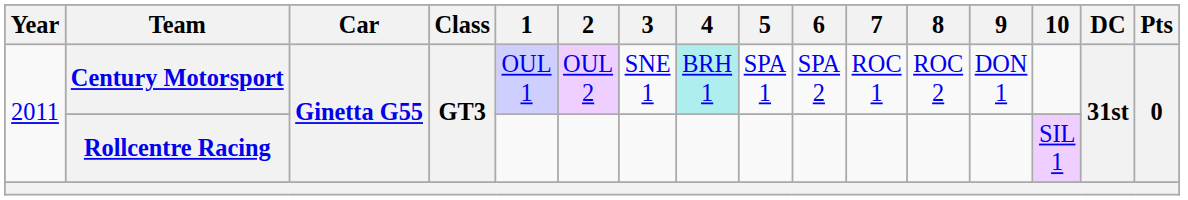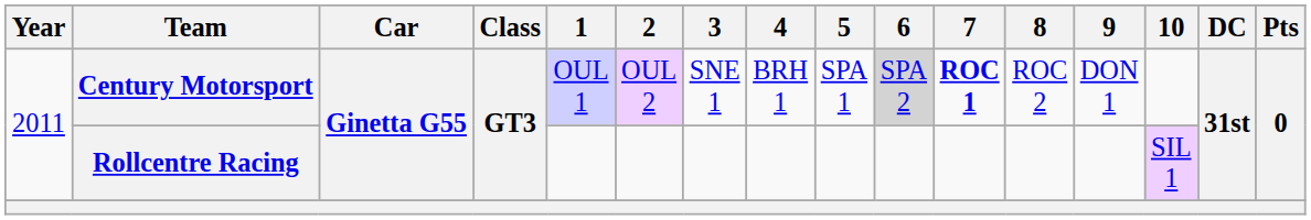 <table class="wikitable" style="text-align:center; font-size:85%">
 <tr>
 <th>Year</th>
 <th>Team</th>
 <th>Car</th>
 <th>Class</th>
 <th>1</th>
 <th>2</th>
 <th>3</th>
 <th>4</th>
 <th>5</th>
 <th>6</th>
 <th>7</th>
 <th>8</th>
 <th>9</th>
 <th>10</th>
 <th>DC</th>
 <th>Pts</th>
 </tr>
 <tr>
 <td rowspan=2><a href='#'>2011</a></td>
 <th nowrap><a href='#'>Century Motorsport</a></th>
 <th rowspan=2 nowrap><a href='#'>Ginetta G55</a></th>
 <th rowspan=2>GT3</th>
 <td style="background:#CFCFFF;"><a href='#'>OUL<br>1</a><br></td>
 <td style="background:#EFCFFF;"><a href='#'>OUL<br>2</a><br></td>
 <td><a href='#'>SNE<br>1</a></td>
-<td style="background: paleturquoise;"><a href='#'>BRH<br>1</a></td>
+<td><a href='#'>BRH<br>1</a></td>
 <td><a href='#'>SPA<br>1</a></td>
-<td><a href='#'>SPA<br>2</a></td>
-<td><a href='#'>ROC<br>1</a></td>
+<td style="background: lightgrey;"><a href='#'>SPA<br>2</a></td>
+<td><strong><a href='#'>ROC<br>1</a></strong></td>
 <td><a href='#'>ROC<br>2</a></td>
 <td><a href='#'>DON<br>1</a></td>
 <td></td>
 <th rowspan=2>31st</th>
 <th rowspan=2>0</th>
 </tr>
 <tr>
 <th nowrap><a href='#'>Rollcentre Racing</a></th>
 <td></td>
 <td></td>
 <td></td>
 <td></td>
 <td></td>
 <td></td>
 <td></td>
 <td></td>
 <td></td>
 <td style="background:#EFCFFF;"><a href='#'>SIL<br>1</a><br></td>
 </tr>
 <tr>
 <th colspan="16"></th>
 </tr>
 </table>
